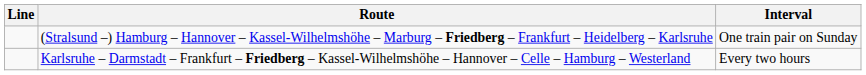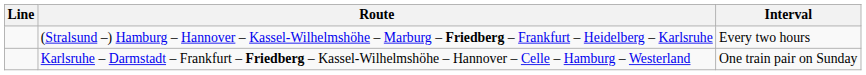 <table class="wikitable">
 <tr class="hintergrundfarbe5">
 <th>Line</th>
 <th>Route</th>
 <th>Interval</th>
 </tr>
 <tr>
 <td></td>
 <td>(<a href='#'>Stralsund</a> –) <a href='#'>Hamburg</a> – <a href='#'>Hannover</a> – <a href='#'>Kassel-Wilhelmshöhe</a> – <a href='#'>Marburg</a> – <strong>Friedberg</strong> – <a href='#'>Frankfurt</a> – <a href='#'>Heidelberg</a> – <a href='#'>Karlsruhe</a></td>
-<td>One train pair on Sunday</td>
+<td>Every two hours</td>
 </tr>
 <tr>
 <td></td>
 <td><a href='#'>Karlsruhe</a> – <a href='#'>Darmstadt</a> – Frankfurt – <strong>Friedberg</strong> – Kassel-Wilhelmshöhe – Hannover – <a href='#'>Celle</a> – <a href='#'>Hamburg</a> – <a href='#'>Westerland</a></td>
-<td>Every two hours</td>
+<td>One train pair on Sunday</td>
 </tr>
 </table>
